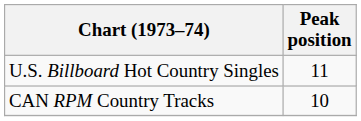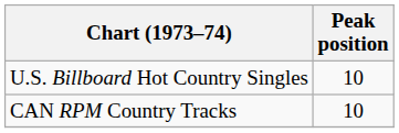 <table class="wikitable sortable">
 <tr>
 <th align="left">Chart (1973–74)</th>
 <th align="center">Peak<br>position</th>
 </tr>
 <tr>
 <td align="left">U.S. <em>Billboard</em> Hot Country Singles</td>
-<td align="center">11</td>
+<td align="center">10</td>
 </tr>
 <tr>
 <td align="left">CAN <em>RPM</em> Country Tracks</td>
 <td align="center">10</td>
 </tr>
 <tr>
 </tr>
 </table>
